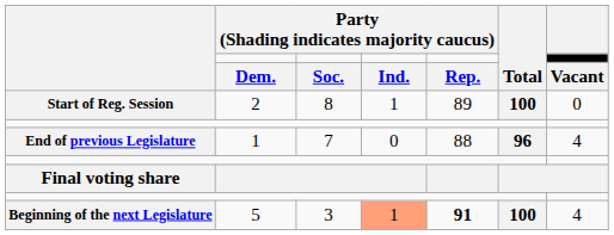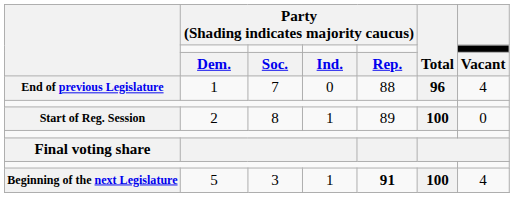 <table class=wikitable style="text-align:center">
 <tr style="vertical-align:bottom;">
 <th rowspan=3></th>
 <th colspan=4>Party <div>(Shading indicates majority caucus)</div></th>
 <th rowspan=3>Total</th>
 <th></th>
 </tr>
 <tr style="height:5px">
 <td style="background-color:"></td>
 <td style="background-color:"></td>
 <td style="background-color:"></td>
 <td style="background-color:"></td>
 <td style="background:black;"></td>
 </tr>
 <tr>
 <th><a href='#'>Dem.</a></th>
 <th><a href='#'>Soc.</a></th>
 <th><a href='#'>Ind.</a></th>
 <th><a href='#'>Rep.</a></th>
 <th>Vacant</th>
 </tr>
 <tr>
+<th style="font-size:80%;">End of <a href='#'>previous Legislature</a></th>
+<td>1</td>
+<td>7</td>
+<td>0</td>
+<td>88</td>
+<th>96</th>
+<td>4</td>
+</tr>
+<tr>
+<td colspan=6></td>
+</tr>
+<tr>
 <th style="font-size:80%;">Start of Reg. Session</th>
 <td>2</td>
 <td>8</td>
 <td>1</td>
 <td>89</td>
 <th>100</th>
 <td>0</td>
-</tr>
-<tr>
-<td colspan=6></td>
-</tr>
-<tr>
-<th style="font-size:80%;">End of <a href='#'>previous Legislature</a></th>
-<td>1</td>
-<td>7</td>
-<td>0</td>
-<td>88</td>
-<th>96</th>
-<td>4</td>
 </tr>
 <tr>
 <td colspan=6></td>
 </tr>
 <tr>
 <th>Final voting share</th>
 <th colspan=3></th>
 <th></th>
 <th colspan=2></th>
 </tr>
 <tr>
 <td colspan=6></td>
 </tr>
 <tr>
 <th style="font-size:80%;">Beginning of the <a href='#'>next Legislature</a></th>
 <td>5</td>
 <td>3</td>
-<td style="background: lightsalmon;">1</td>
+<td>1</td>
 <td><strong>91</strong></td>
 <th>100</th>
 <td>4</td>
 </tr>
 </table>
